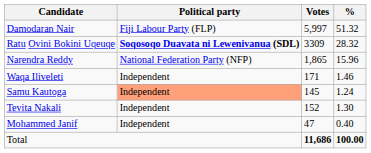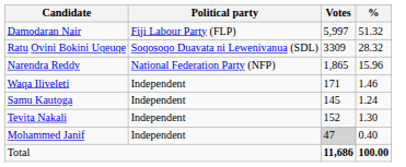 <table class="wikitable">
 <tr>
 <th scope="col">Candidate</th>
 <th scope="col">Political party</th>
 <th scope="col">Votes</th>
 <th scope="col">%</th>
 </tr>
 <tr>
 <td><a href='#'>Damodaran Nair</a></td>
 <td><a href='#'>Fiji Labour Party</a> (FLP)</td>
 <td>5,997</td>
 <td>51.32</td>
 </tr>
 <tr>
 <td><a href='#'>Ratu</a> <a href='#'>Ovini Bokini Uqeuqe</a></td>
-<td><strong><a href='#'>Soqosoqo Duavata ni Lewenivanua</a> (SDL)</strong></td>
+<td><a href='#'>Soqosoqo Duavata ni Lewenivanua</a> (SDL)</td>
 <td>3309</td>
 <td>28.32</td>
 </tr>
 <tr>
 <td><a href='#'>Narendra Reddy</a></td>
 <td><a href='#'>National Federation Party</a> (NFP)</td>
 <td>1,865</td>
 <td>15.96</td>
 </tr>
 <tr>
 <td><a href='#'>Waqa Iliveleti</a></td>
 <td>Independent</td>
 <td>171</td>
 <td>1.46</td>
 </tr>
 <tr>
 <td><a href='#'>Samu Kautoga</a></td>
-<td style="background: lightsalmon;">Independent</td>
+<td>Independent</td>
 <td>145</td>
 <td>1.24</td>
 </tr>
 <tr>
 <td><a href='#'>Tevita Nakali</a></td>
 <td>Independent</td>
 <td>152</td>
 <td>1.30</td>
 </tr>
 <tr>
 <td><a href='#'>Mohammed Janif</a></td>
 <td>Independent</td>
-<td>47</td>
+<td style="background: lightgrey;">47</td>
 <td>0.40</td>
 </tr>
 <tr>
 <td colspan="2">Total</td>
 <td><strong>11,686</strong></td>
 <td><strong>100.00</strong></td>
 </tr>
 </table>
